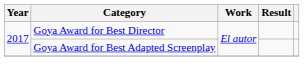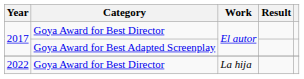 <table class="wikitable">
 <tr>
 <th>Year</th>
 <th>Category</th>
 <th>Work</th>
 <th>Result</th>
 <th></th>
 </tr>
 <tr>
 <td rowspan=2><a href='#'>2017</a></td>
 <td><a href='#'>Goya Award for Best Director</a></td>
 <td rowspan=2><em><a href='#'>El autor</a></em></td>
 <td></td>
 <td></td>
 </tr>
 <tr>
 <td><a href='#'>Goya Award for Best Adapted Screenplay</a></td>
 <td></td>
 <td></td>
 </tr>
 <tr>
 </tr>
+<tr>
+<td><a href='#'>2022</a></td>
+<td><a href='#'>Goya Award for Best Director</a></td>
+<td><em>La hija</em></td>
+<td></td>
+<td></td>
+</tr>
 </table>
